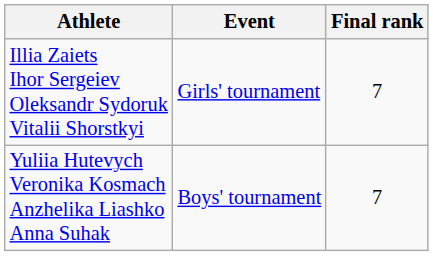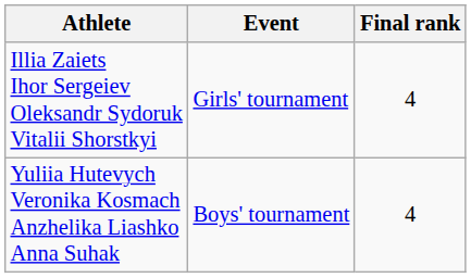 <table class="wikitable" style="font-size:90%;">
 <tr>
 <th>Athlete</th>
 <th>Event</th>
 <th>Final rank</th>
 </tr>
 <tr align=center>
 <td align=left><a href='#'>Illia Zaiets</a><br><a href='#'>Ihor Sergeiev</a><br><a href='#'>Oleksandr Sydoruk</a><br><a href='#'>Vitalii Shorstkyi</a></td>
 <td align=left><a href='#'>Girls' tournament</a></td>
-<td>7</td>
+<td>4</td>
 </tr>
 <tr align=center>
 <td align=left><a href='#'>Yuliia Hutevych</a><br><a href='#'>Veronika Kosmach</a><br><a href='#'>Anzhelika Liashko</a><br><a href='#'>Anna Suhak</a></td>
 <td align=left><a href='#'>Boys' tournament</a></td>
-<td>7</td>
+<td>4</td>
 </tr>
 </table>
